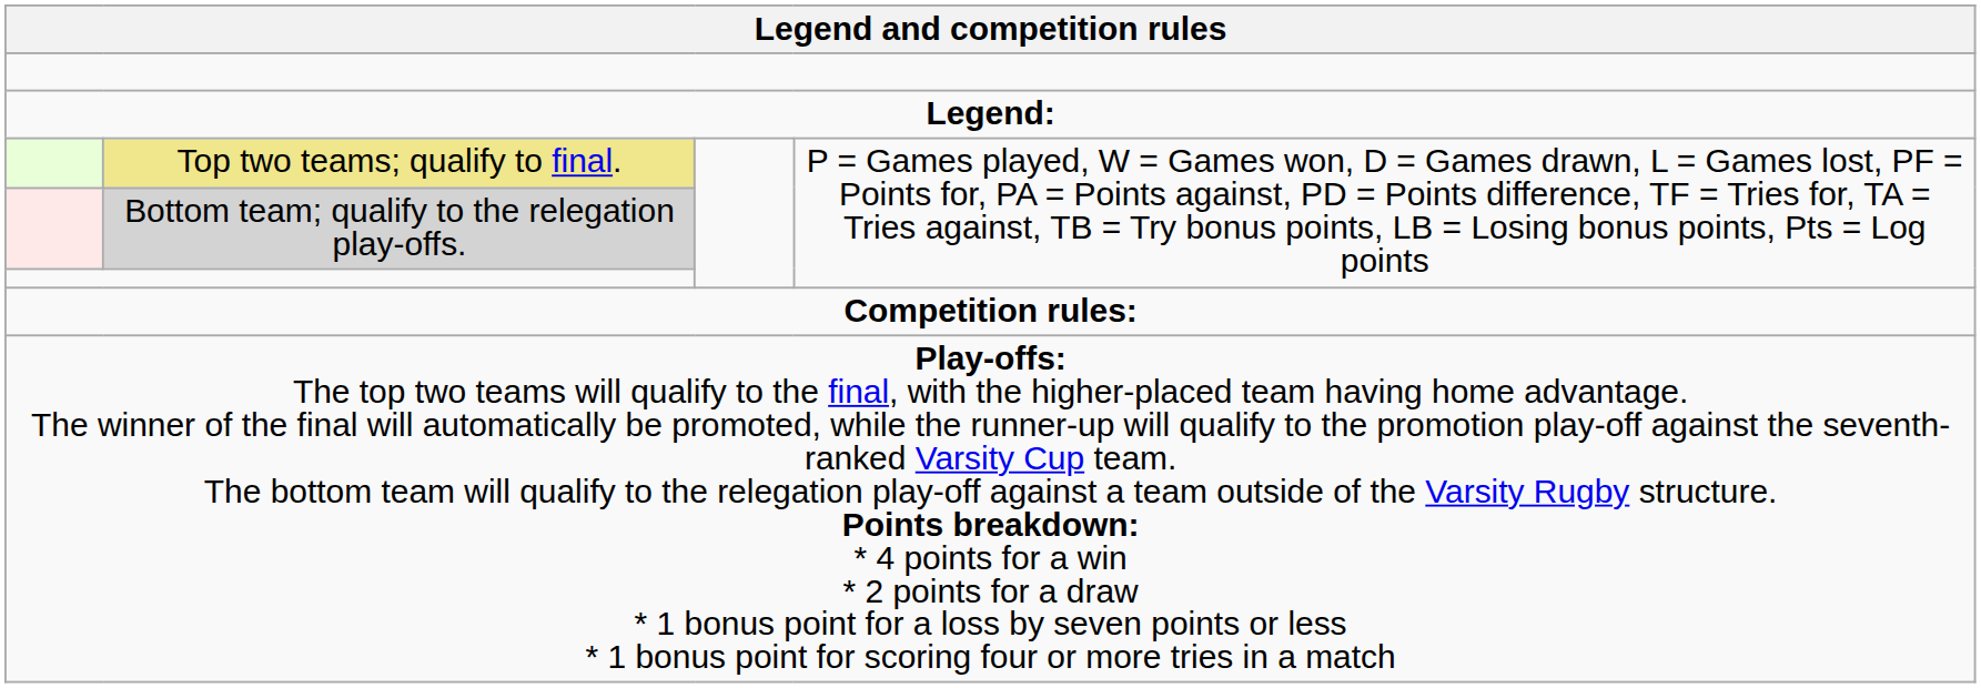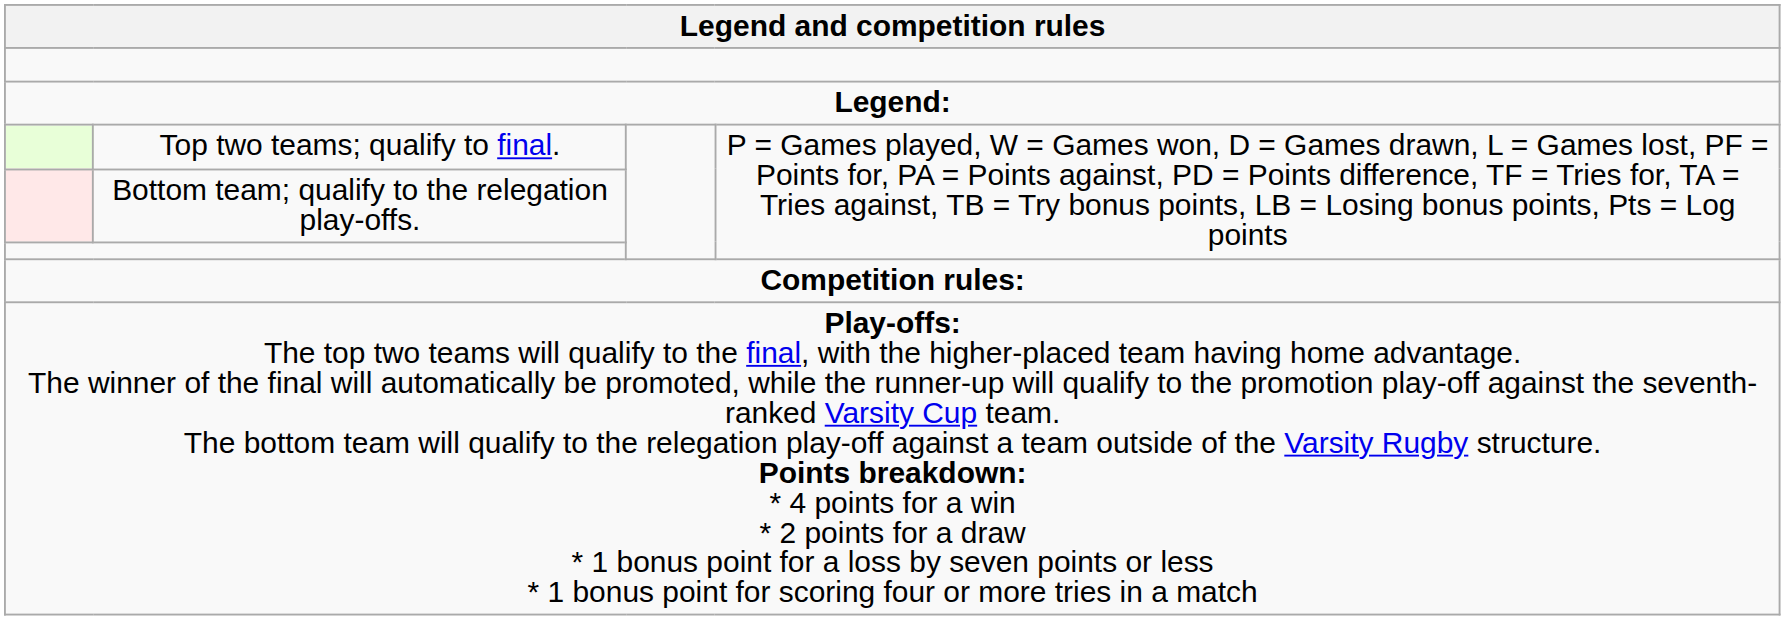 <table class="wikitable collapsible collapsed" style="text-align:center; line-height:100%; font-size:100%; width:60%;">
 <tr>
 <th colspan="4" style="border:0px">Legend and competition rules</th>
 </tr>
 <tr>
 <td colspan="4" style="height:10px"></td>
 </tr>
 <tr>
 <td colspan="4" style="border:0px"><strong>Legend:</strong></td>
 </tr>
 <tr>
 <td style="height:10px; width:5%; background:#E8FFD8;"></td>
-<td style="background: khaki; width:30%;">Top two teams; qualify to <a href='#'>final</a>.</td>
+<td style="width:30%;">Top two teams; qualify to <a href='#'>final</a>.</td>
 <td rowspan="3" style="width:5%;"></td>
 <td rowspan="3" style="width:60%;" background:#FFFFFF;>P = Games played, W = Games won, D = Games drawn, L = Games lost, PF = Points for, PA = Points against, PD = Points difference, TF = Tries for, TA = Tries against, TB = Try bonus points, LB = Losing bonus points, Pts = Log points</td>
 </tr>
 <tr>
 <td style="height:10px; width:5%; background:#FFE8E8;"></td>
-<td style="background: lightgrey;">Bottom team; qualify to the relegation play-offs.</td>
+<td>Bottom team; qualify to the relegation play-offs.</td>
 </tr>
 <tr>
 <td colspan="2"></td>
 </tr>
 <tr>
 <td colspan="4" style="border:0px"><strong>Competition rules:</strong></td>
 </tr>
 <tr>
 <td colspan="4"><strong>Play-offs:</strong><br>The top two teams will qualify to the <a href='#'>final</a>, with the higher-placed team having home advantage.<br>The winner of the final will automatically be promoted, while the runner-up will qualify to the promotion play-off against the seventh-ranked <a href='#'>Varsity Cup</a> team.<br>The bottom team will qualify to the relegation play-off against a team outside of the <a href='#'>Varsity Rugby</a> structure.<br><strong>Points breakdown:</strong><br>* 4 points for a win<br>* 2 points for a draw<br>* 1 bonus point for a loss by seven points or less<br>* 1 bonus point for scoring four or more tries in a match</td>
 </tr>
 </table>
